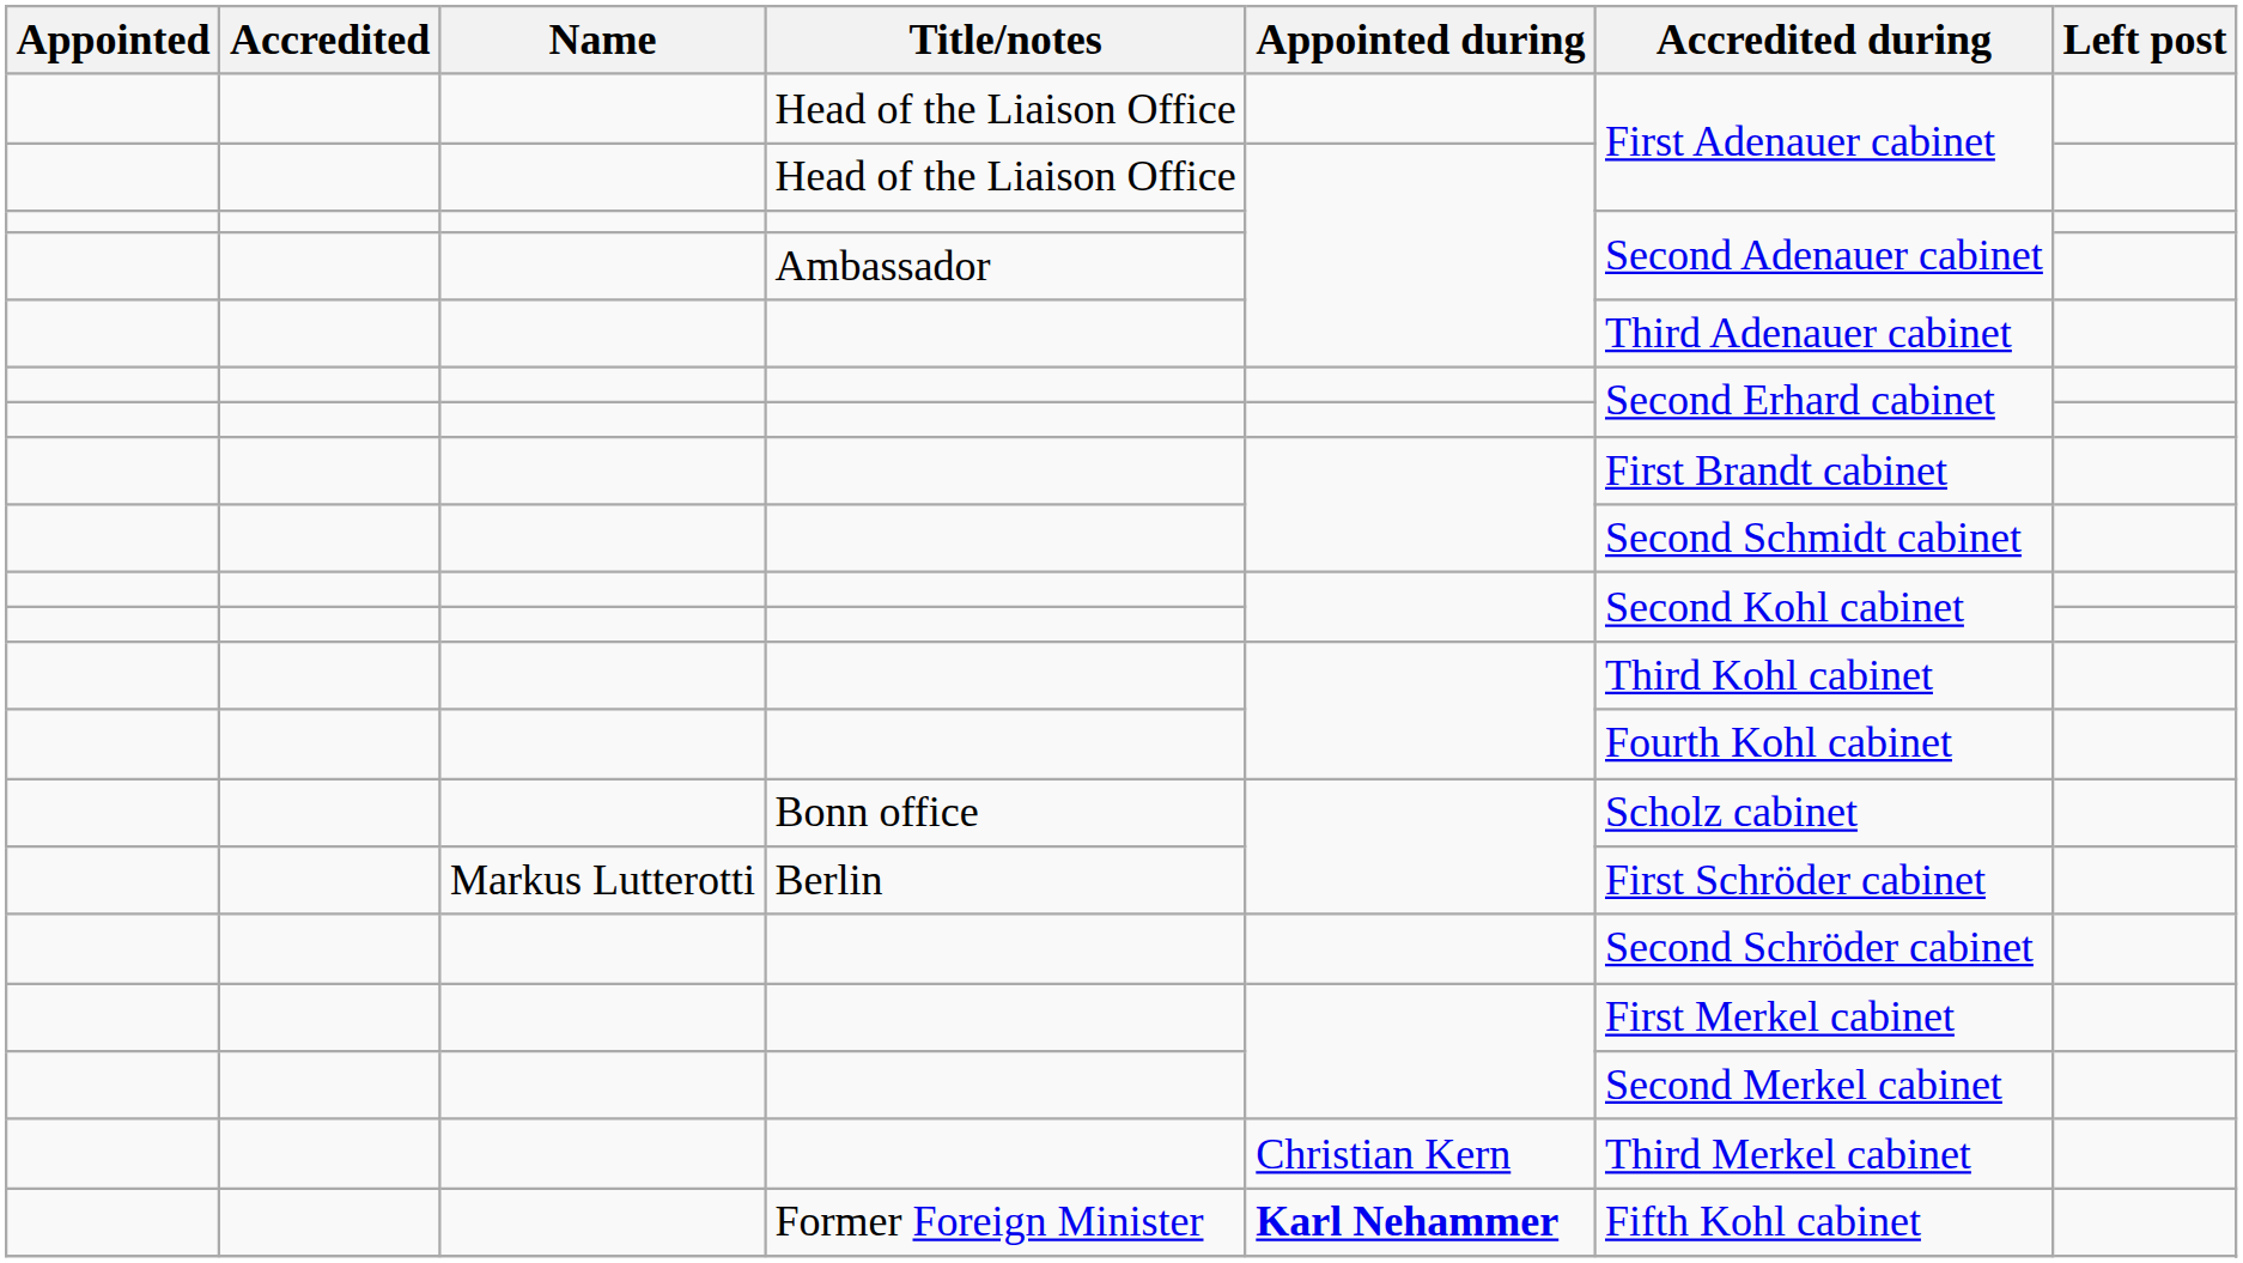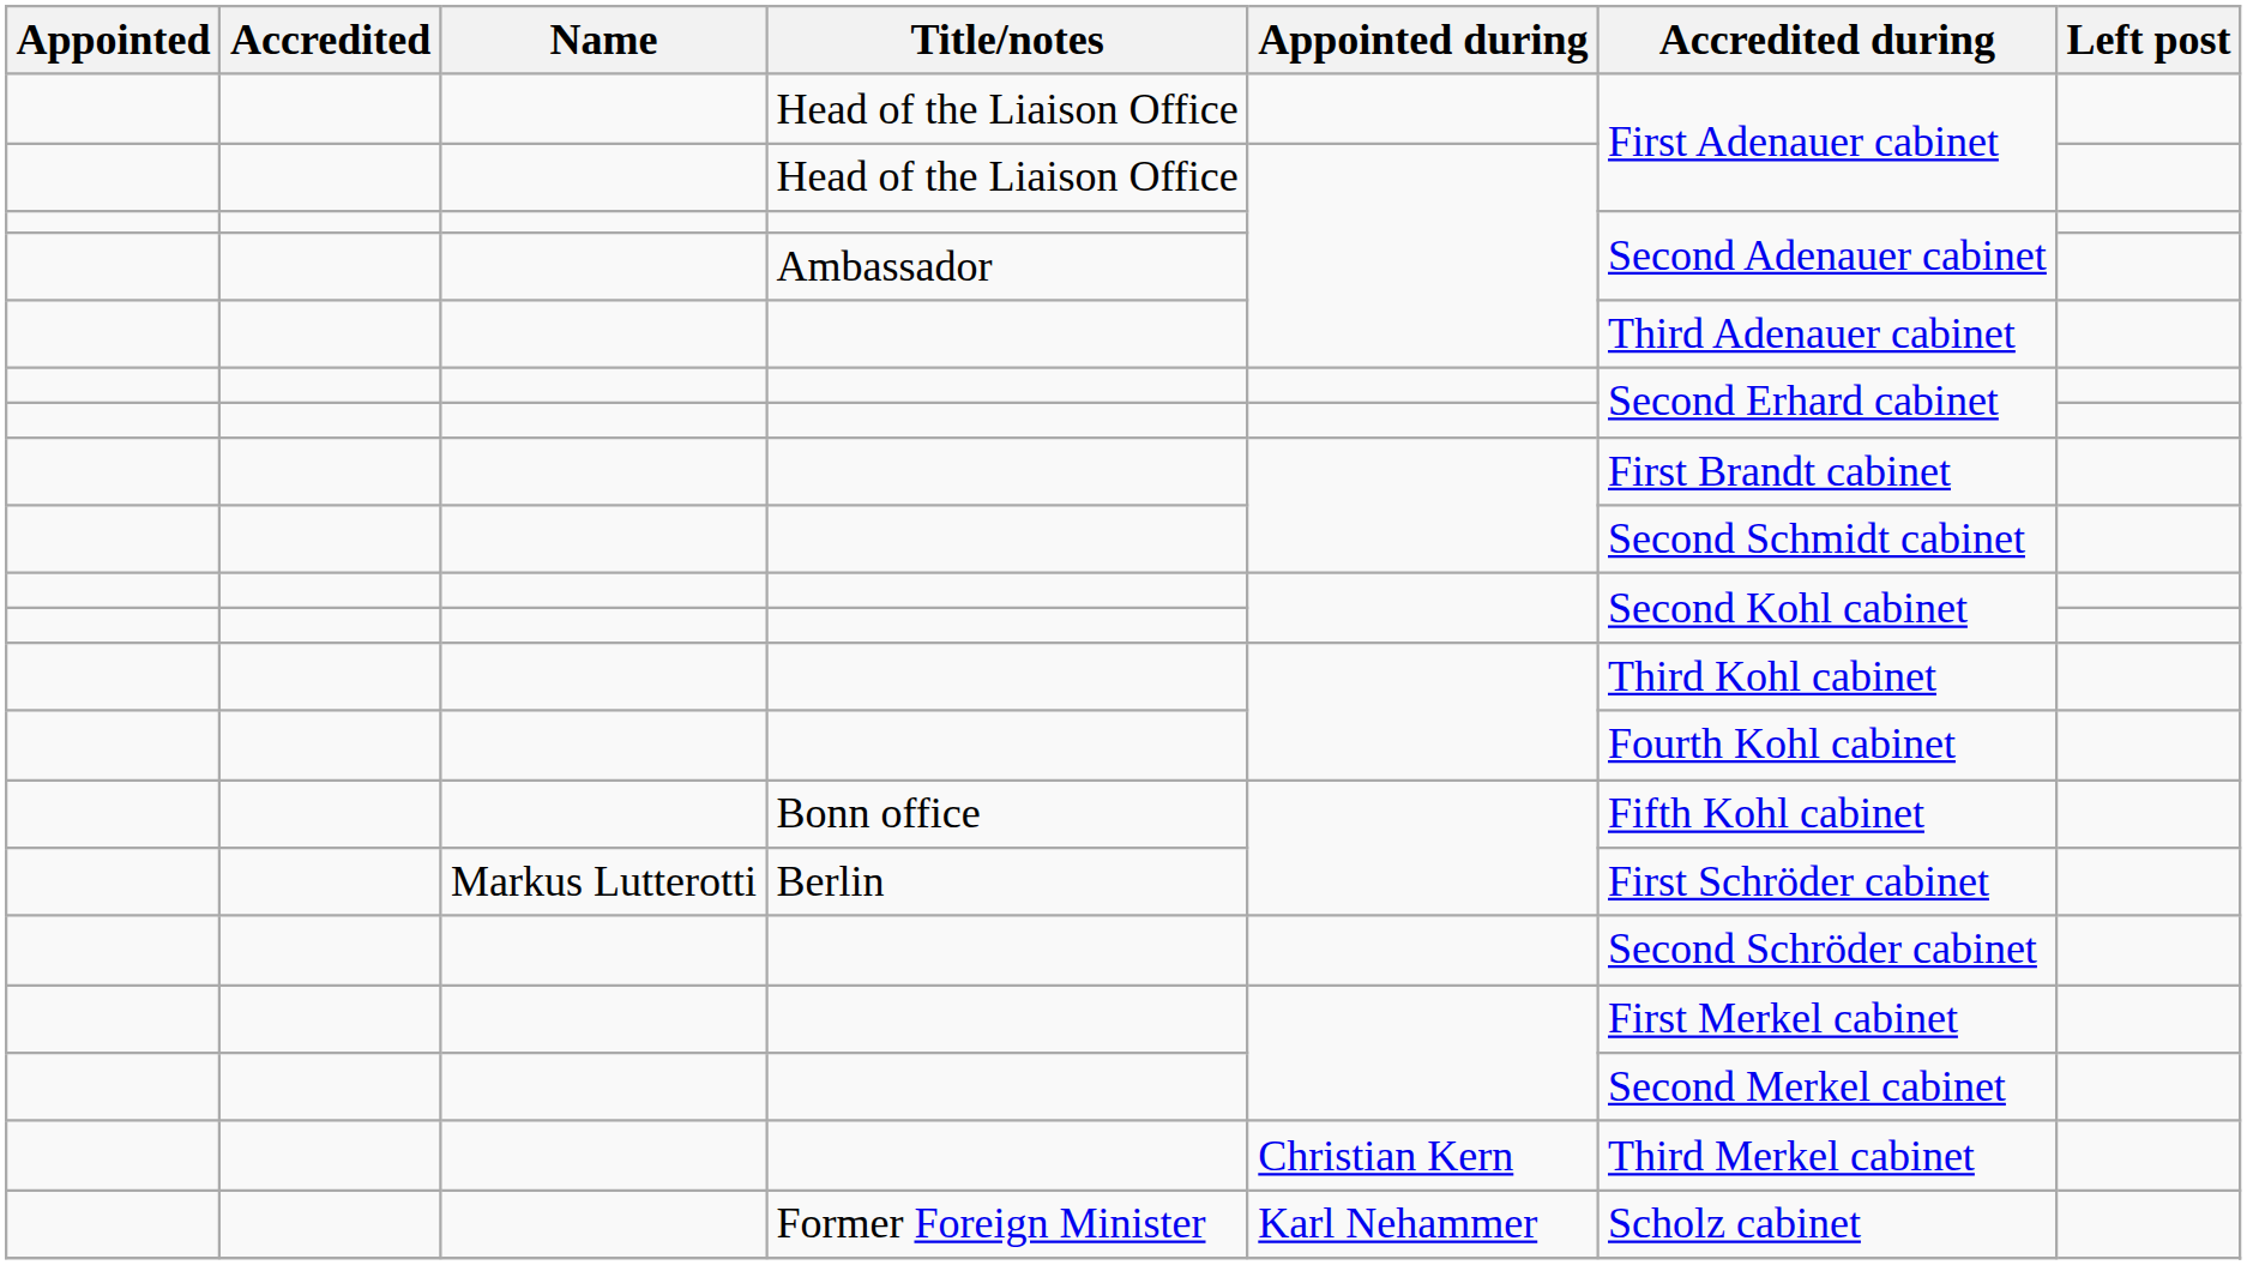 <table class="wikitable sortable">
 <tr class="hintergrundfarbe6">
 <th>Appointed</th>
 <th>Accredited</th>
 <th>Name</th>
 <th class="unsortable">Title/notes</th>
 <th>Appointed during</th>
 <th>Accredited during</th>
 <th>Left post</th>
 </tr>
 <tr>
 <td></td>
 <td></td>
 <td></td>
 <td>Head of the Liaison Office</td>
 <td></td>
 <td rowspan="2" data-sort-value="Adenauer 1"><a href='#'>First Adenauer cabinet</a></td>
 <td></td>
 </tr>
 <tr>
 <td></td>
 <td></td>
 <td></td>
 <td>Head of the Liaison Office</td>
 <td rowspan=4></td>
 <td></td>
 </tr>
 <tr>
 <td></td>
 <td></td>
 <td></td>
 <td></td>
 <td rowspan="2" data-sort-value="Adenauer 2"><a href='#'>Second Adenauer cabinet</a></td>
 <td></td>
 </tr>
 <tr>
 <td></td>
 <td></td>
 <td></td>
 <td>Ambassador</td>
 <td></td>
 </tr>
 <tr>
 <td></td>
 <td></td>
 <td></td>
 <td></td>
 <td data-sort-value="Adenauer 3"><a href='#'>Third Adenauer cabinet</a></td>
 <td></td>
 </tr>
 <tr>
 <td></td>
 <td></td>
 <td></td>
 <td></td>
 <td></td>
 <td rowspan="2" data-sort-value="Erhard 2"><a href='#'>Second Erhard cabinet</a></td>
 <td></td>
 </tr>
 <tr>
 <td></td>
 <td></td>
 <td></td>
 <td></td>
 <td></td>
 <td></td>
 </tr>
 <tr>
 <td></td>
 <td></td>
 <td></td>
 <td></td>
 <td rowspan=2></td>
 <td data-sort-value="Brandt 1"><a href='#'>First Brandt cabinet</a></td>
 <td></td>
 </tr>
 <tr>
 <td></td>
 <td></td>
 <td></td>
 <td></td>
 <td data-sort-value="Schmidt 2"><a href='#'>Second Schmidt cabinet</a></td>
 <td></td>
 </tr>
 <tr>
 <td></td>
 <td></td>
 <td></td>
 <td></td>
 <td rowspan=2></td>
 <td rowspan="2" data-sort-value="Kohl 2"><a href='#'>Second Kohl cabinet</a></td>
 <td></td>
 </tr>
 <tr>
 <td></td>
 <td></td>
 <td></td>
 <td></td>
 <td></td>
 </tr>
 <tr>
 <td></td>
 <td></td>
 <td></td>
 <td></td>
 <td rowspan=2></td>
 <td data-sort-value="Kohl 3"><a href='#'>Third Kohl cabinet</a></td>
 <td></td>
 </tr>
 <tr>
 <td></td>
 <td></td>
 <td></td>
 <td></td>
 <td data-sort-value="Kohl 4"><a href='#'>Fourth Kohl cabinet</a></td>
 <td></td>
 </tr>
 <tr>
 <td></td>
 <td></td>
 <td></td>
 <td>Bonn office</td>
 <td rowspan=2></td>
-<td data-sort-value="Scholz"><a href='#'>Scholz cabinet</a></td>
+<td data-sort-value="Kohl 5"><a href='#'>Fifth Kohl cabinet</a></td>
 <td></td>
 </tr>
 <tr>
 <td></td>
 <td></td>
 <td>Markus Lutterotti</td>
 <td>Berlin</td>
 <td data-sort-value="Schroder 1"><a href='#'>First Schröder cabinet</a></td>
 <td></td>
 </tr>
 <tr>
 <td></td>
 <td></td>
 <td></td>
 <td></td>
 <td></td>
 <td data-sort-value="Schroder 2"><a href='#'>Second Schröder cabinet</a></td>
 <td></td>
 </tr>
 <tr>
 <td></td>
 <td></td>
 <td></td>
 <td></td>
 <td rowspan=2></td>
 <td data-sort-value="Merkel 1"><a href='#'>First Merkel cabinet</a></td>
 <td></td>
 </tr>
 <tr>
 <td></td>
 <td></td>
 <td></td>
 <td></td>
 <td data-sort-value="Merkel 2"><a href='#'>Second Merkel cabinet</a></td>
 <td></td>
 </tr>
 <tr>
 <td></td>
 <td></td>
 <td></td>
 <td></td>
 <td><a href='#'>Christian Kern</a></td>
 <td data-sort-value="Merkel 3"><a href='#'>Third Merkel cabinet</a></td>
 <td></td>
 </tr>
 <tr>
 <td></td>
 <td></td>
 <td></td>
 <td>Former <a href='#'>Foreign Minister</a></td>
-<td><strong><a href='#'>Karl Nehammer</a></strong></td>
-<td data-sort-value="Kohl 5"><a href='#'>Fifth Kohl cabinet</a></td>
+<td><a href='#'>Karl Nehammer</a></td>
+<td data-sort-value="Scholz"><a href='#'>Scholz cabinet</a></td>
 </tr>
 <tr>
 </tr>
 </table>
